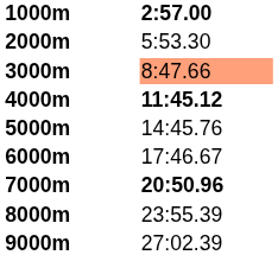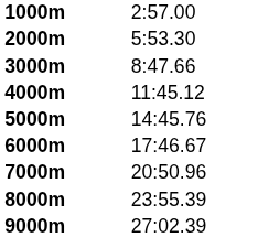 <table>
 <tr>
 <th width=100></th>
 <th width=100></th>
 <th width=200></th>
 </tr>
 <tr>
 <td><strong>1000m</strong></td>
-<td><strong>2:57.00</strong></td>
+<td>2:57.00</td>
 <td></td>
 </tr>
 <tr>
 <td><strong>2000m</strong></td>
 <td>5:53.30</td>
 <td></td>
 </tr>
 <tr>
 <td><strong>3000m</strong></td>
-<td style="background: lightsalmon;">8:47.66</td>
+<td>8:47.66</td>
 <td></td>
 </tr>
 <tr>
 <td><strong>4000m</strong></td>
-<td><strong>11:45.12</strong></td>
+<td>11:45.12</td>
 <td></td>
 </tr>
 <tr>
 <td><strong>5000m</strong></td>
 <td>14:45.76</td>
 <td></td>
 </tr>
 <tr>
 <td><strong>6000m</strong></td>
 <td>17:46.67</td>
 <td></td>
 </tr>
 <tr>
 <td><strong>7000m</strong></td>
-<td><strong>20:50.96</strong></td>
+<td>20:50.96</td>
 <td></td>
 </tr>
 <tr>
 <td><strong>8000m</strong></td>
 <td>23:55.39</td>
 <td></td>
 </tr>
 <tr>
 <td><strong>9000m</strong></td>
 <td>27:02.39</td>
 <td></td>
 </tr>
 <tr>
 </tr>
 </table>
